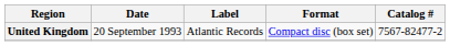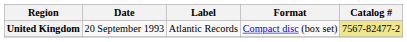 <table class="wikitable plainrowheaders">
 <tr>
 <th>Region</th>
 <th>Date</th>
 <th>Label</th>
 <th>Format</th>
 <th>Catalog #</th>
 </tr>
 <tr>
 <th scope="row">United Kingdom</th>
 <td rowspan="1" style="text-align:center;">20 September 1993</td>
 <td rowspan="1" style="text-align:center;">Atlantic Records</td>
 <td><a href='#'>Compact disc</a> (box set)</td>
-<td style="text-align:center;">7567-82477-2</td>
+<td style="background: khaki; text-align:center;">7567-82477-2</td>
 </tr>
 <tr>
 </tr>
 </table>
